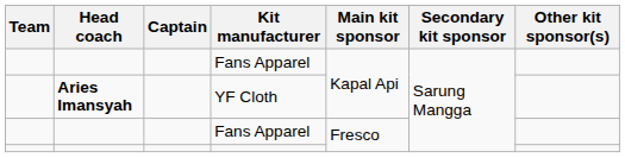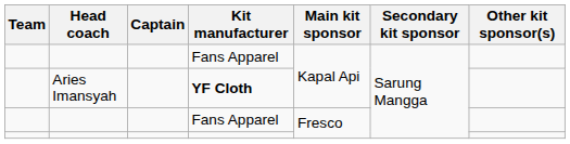 <table class="wikitable">
 <tr>
 <th>Team</th>
 <th>Head coach</th>
 <th>Captain</th>
 <th class="nowrap">Kit manufacturer</th>
 <th>Main kit sponsor</th>
 <th>Secondary kit sponsor</th>
 <th>Other kit sponsor(s)</th>
 </tr>
 <tr>
 <td></td>
 <td></td>
 <td></td>
 <td> Fans Apparel</td>
 <td rowspan=2>Kapal Api</td>
 <td rowspan=4>Sarung Mangga</td>
 <td></td>
 </tr>
 <tr>
 <td></td>
-<td><strong> Aries Imansyah</strong></td>
+<td> Aries Imansyah</td>
 <td></td>
-<td> YF Cloth</td>
+<td><strong> YF Cloth</strong></td>
 <td></td>
 </tr>
 <tr>
 <td></td>
 <td></td>
 <td></td>
 <td> Fans Apparel</td>
 <td rowspan=2>Fresco</td>
 <td></td>
 </tr>
 <tr>
 <td></td>
 <td></td>
 <td></td>
 <td></td>
 <td></td>
 </tr>
 </table>
